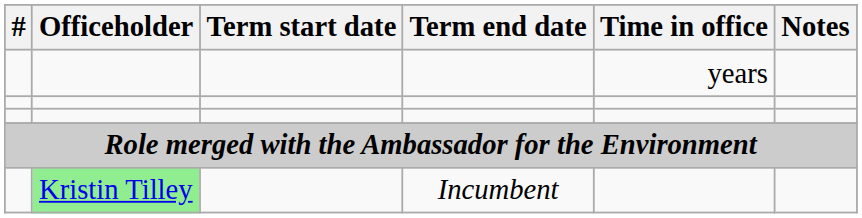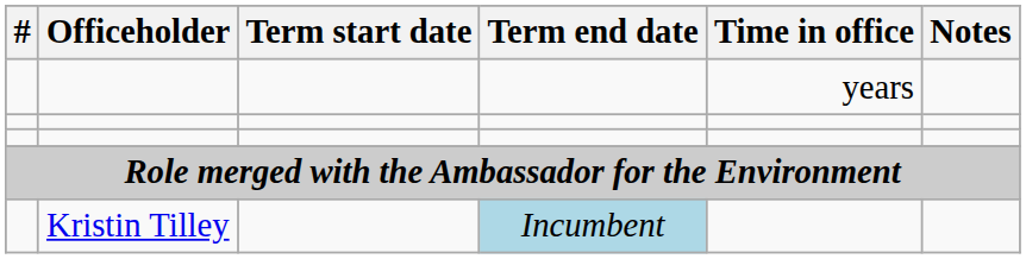 <table class='wikitable sortable'>
 <tr>
 <th>#</th>
 <th>Officeholder</th>
 <th>Term start date</th>
 <th>Term end date</th>
 <th>Time in office</th>
 <th>Notes</th>
 </tr>
 <tr>
 <td align=center></td>
 <td></td>
 <td align=center></td>
 <td align=center></td>
 <td align=right> years</td>
 <td></td>
 </tr>
 <tr>
 <td align=center></td>
 <td></td>
 <td align=center></td>
 <td align=center></td>
 <td align=right><strong></strong></td>
 <td></td>
 </tr>
 <tr>
 <td align=center></td>
 <td></td>
 <td align=center></td>
 <td align=center></td>
 <td align=right></td>
 <td></td>
 </tr>
 <tr>
 <th colspan=8 style="background: #cccccc;"><em>Role merged with the Ambassador for the Environment</em></th>
 </tr>
 <tr>
 <td align=center></td>
-<td style="background: lightgreen;"><a href='#'>Kristin Tilley</a></td>
+<td><a href='#'>Kristin Tilley</a></td>
 <td align=center></td>
-<td align=center><em>Incumbent</em></td>
+<td align=center style="background: lightblue;"><em>Incumbent</em></td>
 <td align=right></td>
 <td></td>
 </tr>
 </table>
